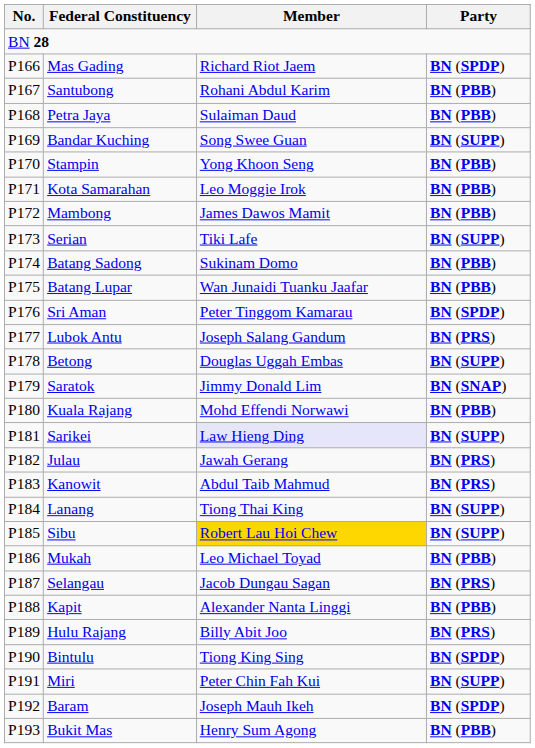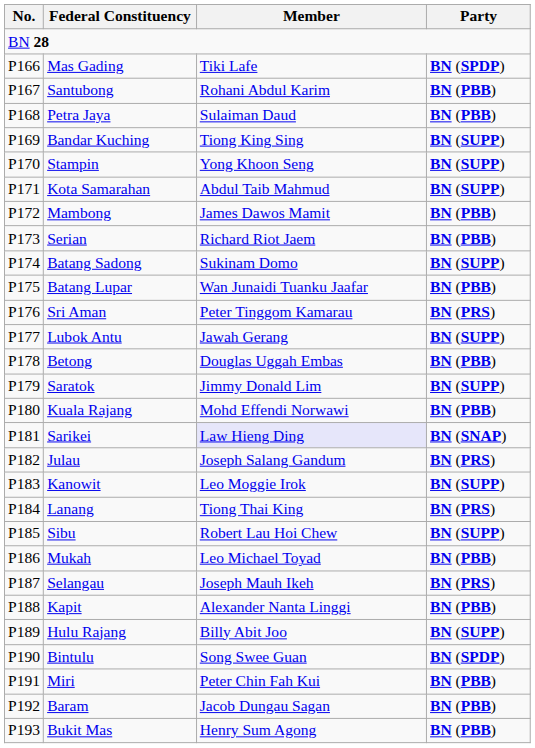 <table class="wikitable sortable">
 <tr>
 <th style="width:30px;">No.</th>
 <th style="width:150px;">Federal Constituency</th>
 <th style="width:230px;">Member</th>
 <th style="width:100px;">Party</th>
 </tr>
 <tr>
 <td colspan="4"><a href='#'>BN</a> <strong>28</strong></td>
 </tr>
 <tr>
 <td>P166</td>
 <td><a href='#'>Mas Gading</a></td>
-<td><a href='#'>Richard Riot Jaem</a></td>
+<td><a href='#'>Tiki Lafe</a></td>
 <td><strong><a href='#'>BN</a></strong> (<strong><a href='#'>SPDP</a></strong>)</td>
 </tr>
 <tr>
 <td>P167</td>
 <td><a href='#'>Santubong</a></td>
 <td><a href='#'>Rohani Abdul Karim</a></td>
 <td><strong><a href='#'>BN</a></strong> (<strong><a href='#'>PBB</a></strong>)</td>
 </tr>
 <tr>
 <td>P168</td>
 <td><a href='#'>Petra Jaya</a></td>
 <td><a href='#'>Sulaiman Daud</a></td>
 <td><strong><a href='#'>BN</a></strong> (<strong><a href='#'>PBB</a></strong>)</td>
 </tr>
 <tr>
 <td>P169</td>
 <td><a href='#'>Bandar Kuching</a></td>
-<td><a href='#'>Song Swee Guan</a></td>
+<td><a href='#'>Tiong King Sing</a></td>
 <td><strong><a href='#'>BN</a></strong> (<strong><a href='#'>SUPP</a></strong>)</td>
 </tr>
 <tr>
 <td>P170</td>
 <td><a href='#'>Stampin</a></td>
 <td><a href='#'>Yong Khoon Seng</a></td>
-<td><strong><a href='#'>BN</a></strong> (<strong><a href='#'>PBB</a></strong>)</td>
+<td><strong><a href='#'>BN</a></strong> (<strong><a href='#'>SUPP</a></strong>)</td>
 </tr>
 <tr>
 <td>P171</td>
 <td><a href='#'>Kota Samarahan</a></td>
-<td><a href='#'>Leo Moggie Irok</a></td>
-<td><strong><a href='#'>BN</a></strong> (<strong><a href='#'>PBB</a></strong>)</td>
+<td><a href='#'>Abdul Taib Mahmud</a></td>
+<td><strong><a href='#'>BN</a></strong> (<strong><a href='#'>SUPP</a></strong>)</td>
 </tr>
 <tr>
 <td>P172</td>
 <td><a href='#'>Mambong</a></td>
 <td><a href='#'>James Dawos Mamit</a></td>
 <td><strong><a href='#'>BN</a></strong> (<strong><a href='#'>PBB</a></strong>)</td>
 </tr>
 <tr>
 <td>P173</td>
 <td><a href='#'>Serian</a></td>
-<td><a href='#'>Tiki Lafe</a></td>
-<td><strong><a href='#'>BN</a></strong> (<strong><a href='#'>SUPP</a></strong>)</td>
+<td><a href='#'>Richard Riot Jaem</a></td>
+<td><strong><a href='#'>BN</a></strong> (<strong><a href='#'>PBB</a></strong>)</td>
 </tr>
 <tr>
 <td>P174</td>
 <td><a href='#'>Batang Sadong</a></td>
 <td><a href='#'>Sukinam Domo</a></td>
-<td><strong><a href='#'>BN</a></strong> (<strong><a href='#'>PBB</a></strong>)</td>
+<td><strong><a href='#'>BN</a></strong> (<strong><a href='#'>SUPP</a></strong>)</td>
 </tr>
 <tr>
 <td>P175</td>
 <td><a href='#'>Batang Lupar</a></td>
 <td><a href='#'>Wan Junaidi Tuanku Jaafar</a></td>
 <td><strong><a href='#'>BN</a></strong> (<strong><a href='#'>PBB</a></strong>)</td>
 </tr>
 <tr>
 <td>P176</td>
 <td><a href='#'>Sri Aman</a></td>
 <td><a href='#'>Peter Tinggom Kamarau</a></td>
-<td><strong><a href='#'>BN</a></strong> (<strong><a href='#'>SPDP</a></strong>)</td>
+<td><strong><a href='#'>BN</a></strong> (<strong><a href='#'>PRS</a></strong>)</td>
 </tr>
 <tr>
 <td>P177</td>
 <td><a href='#'>Lubok Antu</a></td>
-<td><a href='#'>Joseph Salang Gandum</a></td>
-<td><strong><a href='#'>BN</a></strong> (<strong><a href='#'>PRS</a></strong>)</td>
+<td><a href='#'>Jawah Gerang</a></td>
+<td><strong><a href='#'>BN</a></strong> (<strong><a href='#'>SUPP</a></strong>)</td>
 </tr>
 <tr>
 <td>P178</td>
 <td><a href='#'>Betong</a></td>
 <td><a href='#'>Douglas Uggah Embas</a></td>
-<td><strong><a href='#'>BN</a></strong> (<strong><a href='#'>SUPP</a></strong>)</td>
+<td><strong><a href='#'>BN</a></strong> (<strong><a href='#'>PBB</a></strong>)</td>
 </tr>
 <tr>
 <td>P179</td>
 <td><a href='#'>Saratok</a></td>
 <td><a href='#'>Jimmy Donald Lim</a></td>
-<td><strong><a href='#'>BN</a></strong> (<strong><a href='#'>SNAP</a></strong>)</td>
+<td><strong><a href='#'>BN</a></strong> (<strong><a href='#'>SUPP</a></strong>)</td>
 </tr>
 <tr>
 <td>P180</td>
 <td><a href='#'>Kuala Rajang</a></td>
 <td><a href='#'>Mohd Effendi Norwawi</a></td>
 <td><strong><a href='#'>BN</a></strong> (<strong><a href='#'>PBB</a></strong>)</td>
 </tr>
 <tr>
 <td>P181</td>
 <td><a href='#'>Sarikei</a></td>
 <td style="background: lavender;"><a href='#'>Law Hieng Ding</a></td>
-<td><strong><a href='#'>BN</a></strong> (<strong><a href='#'>SUPP</a></strong>)</td>
+<td><strong><a href='#'>BN</a></strong> (<strong><a href='#'>SNAP</a></strong>)</td>
 </tr>
 <tr>
 <td>P182</td>
 <td><a href='#'>Julau</a></td>
-<td><a href='#'>Jawah Gerang</a></td>
+<td><a href='#'>Joseph Salang Gandum</a></td>
 <td><strong><a href='#'>BN</a></strong> (<strong><a href='#'>PRS</a></strong>)</td>
 </tr>
 <tr>
 <td>P183</td>
 <td><a href='#'>Kanowit</a></td>
-<td><a href='#'>Abdul Taib Mahmud</a></td>
-<td><strong><a href='#'>BN</a></strong> (<strong><a href='#'>PRS</a></strong>)</td>
+<td><a href='#'>Leo Moggie Irok</a></td>
+<td><strong><a href='#'>BN</a></strong> (<strong><a href='#'>SUPP</a></strong>)</td>
 </tr>
 <tr>
 <td>P184</td>
 <td><a href='#'>Lanang</a></td>
 <td><a href='#'>Tiong Thai King</a></td>
-<td><strong><a href='#'>BN</a></strong> (<strong><a href='#'>SUPP</a></strong>)</td>
+<td><strong><a href='#'>BN</a></strong> (<strong><a href='#'>PRS</a></strong>)</td>
 </tr>
 <tr>
 <td>P185</td>
 <td><a href='#'>Sibu</a></td>
-<td style="background: gold;"><a href='#'>Robert Lau Hoi Chew</a></td>
+<td><a href='#'>Robert Lau Hoi Chew</a></td>
 <td><strong><a href='#'>BN</a></strong> (<strong><a href='#'>SUPP</a></strong>)</td>
 </tr>
 <tr>
 <td>P186</td>
 <td><a href='#'>Mukah</a></td>
 <td><a href='#'>Leo Michael Toyad</a></td>
 <td><strong><a href='#'>BN</a></strong> (<strong><a href='#'>PBB</a></strong>)</td>
 </tr>
 <tr>
 <td>P187</td>
 <td><a href='#'>Selangau</a></td>
-<td><a href='#'>Jacob Dungau Sagan</a></td>
+<td><a href='#'>Joseph Mauh Ikeh</a></td>
 <td><strong><a href='#'>BN</a></strong> (<strong><a href='#'>PRS</a></strong>)</td>
 </tr>
 <tr>
 <td>P188</td>
 <td><a href='#'>Kapit</a></td>
 <td><a href='#'>Alexander Nanta Linggi</a></td>
 <td><strong><a href='#'>BN</a></strong> (<strong><a href='#'>PBB</a></strong>)</td>
 </tr>
 <tr>
 <td>P189</td>
 <td><a href='#'>Hulu Rajang</a></td>
 <td><a href='#'>Billy Abit Joo</a></td>
-<td><strong><a href='#'>BN</a></strong> (<strong><a href='#'>PRS</a></strong>)</td>
+<td><strong><a href='#'>BN</a></strong> (<strong><a href='#'>SUPP</a></strong>)</td>
 </tr>
 <tr>
 <td>P190</td>
 <td><a href='#'>Bintulu</a></td>
-<td><a href='#'>Tiong King Sing</a></td>
+<td><a href='#'>Song Swee Guan</a></td>
 <td><strong><a href='#'>BN</a></strong> (<strong><a href='#'>SPDP</a></strong>)</td>
 </tr>
 <tr>
 <td>P191</td>
 <td><a href='#'>Miri</a></td>
 <td><a href='#'>Peter Chin Fah Kui</a></td>
-<td><strong><a href='#'>BN</a></strong> (<strong><a href='#'>SUPP</a></strong>)</td>
+<td><strong><a href='#'>BN</a></strong> (<strong><a href='#'>PBB</a></strong>)</td>
 </tr>
 <tr>
 <td>P192</td>
 <td><a href='#'>Baram</a></td>
-<td><a href='#'>Joseph Mauh Ikeh</a></td>
-<td><strong><a href='#'>BN</a></strong> (<strong><a href='#'>SPDP</a></strong>)</td>
+<td><a href='#'>Jacob Dungau Sagan</a></td>
+<td><strong><a href='#'>BN</a></strong> (<strong><a href='#'>PBB</a></strong>)</td>
 </tr>
 <tr>
 <td>P193</td>
 <td><a href='#'>Bukit Mas</a></td>
 <td><a href='#'>Henry Sum Agong</a></td>
 <td><strong><a href='#'>BN</a></strong> (<strong><a href='#'>PBB</a></strong>)</td>
 </tr>
 </table>
